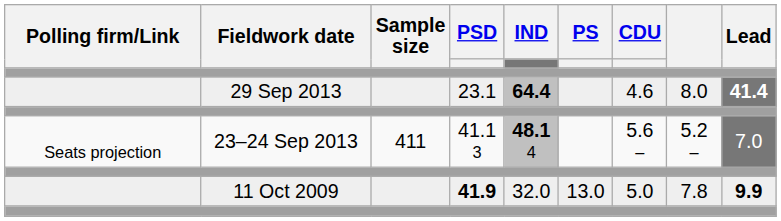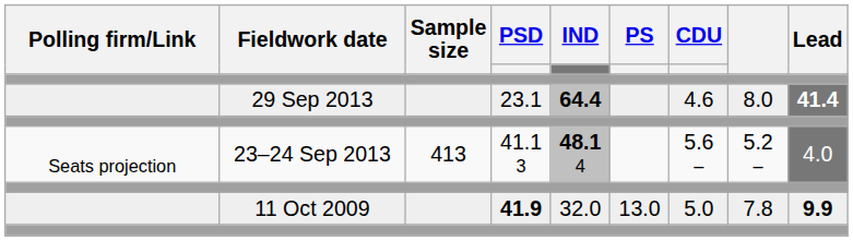 <table class="wikitable collapsible sortable" style="text-align:center; font-size:95%; line-height:16px;">
 <tr style="height:42px;">
 <th style="width:145px;" rowspan="2">Polling firm/Link</th>
 <th style="width:125px;" rowspan="2">Fieldwork date</th>
 <th class="unsortable" style="width:50px;" rowspan="2">Sample size</th>
 <th class="unsortable" style="width:35px;"><a href='#'>PSD</a></th>
 <th class="unsortable" style="width:35px;"><a href='#'>IND</a></th>
 <th class="unsortable" style="width:35px;"><a href='#'>PS</a></th>
 <th class="unsortable" style="width:35px;"><a href='#'>CDU</a></th>
 <th class="unsortable" style="width:35px;" rowspan="2"></th>
 <th class="unsortable" style="width:30px;" rowspan="2">Lead</th>
 </tr>
 <tr>
 <th class="unsortable" style="color:inherit;background:"></th>
 <th class="unsortable" style="color:inherit;background:#777777;"></th>
 <th class="unsortable" style="color:inherit;background:"></th>
 <th class="unsortable" style="color:inherit;background:"></th>
 </tr>
 <tr>
 <td colspan="13" style="background:#A0A0A0"></td>
 </tr>
 <tr style="background:#EFEFEF;">
 <td><strong></strong></td>
 <td data-sort-value="2019-10-06">29 Sep 2013</td>
 <td></td>
 <td>23.1<br></td>
 <td style="background:#C0C0C0"><strong>64.4</strong><br></td>
 <td></td>
 <td>4.6<br></td>
 <td>8.0<br></td>
 <td style="background:#777777; color:white;"><strong>41.4</strong></td>
 </tr>
 <tr>
 <td colspan="13" style="background:#A0A0A0"></td>
 </tr>
 <tr>
 <td align="center"><br><small>Seats projection</small></td>
 <td align="center">23–24 Sep 2013</td>
-<td>411</td>
+<td>413</td>
 <td align="center">41.1<br><small>3</small></td>
 <td align="center" style="background:#C0C0C0"><strong>48.1</strong><br><small>4</small></td>
 <td></td>
 <td align="center">5.6<br><small> – </small></td>
 <td align="center">5.2<br><small>– </small></td>
-<td style="background:#777777; color:white;">7.0</td>
+<td style="background:#777777; color:white;">4.0</td>
 </tr>
 <tr>
 <td colspan="13" style="background:#A0A0A0"></td>
 </tr>
 <tr style="background:#EFEFEF;">
 <td><strong></strong></td>
 <td data-sort-value="2019-10-06">11 Oct 2009</td>
 <td></td>
 <td><strong>41.9</strong><br></td>
 <td>32.0<br></td>
 <td>13.0<br></td>
 <td>5.0<br></td>
 <td>7.8<br></td>
 <td style="background:"><strong>9.9</strong></td>
 </tr>
 <tr>
 <td colspan="13" style="background:#A0A0A0"></td>
 </tr>
 <tr>
 </tr>
 </table>
